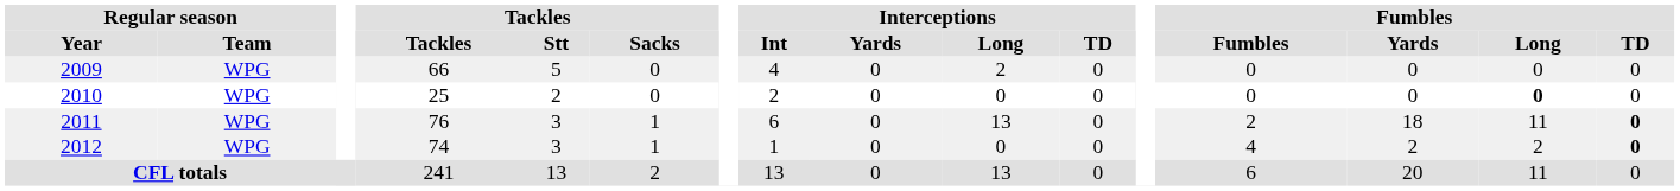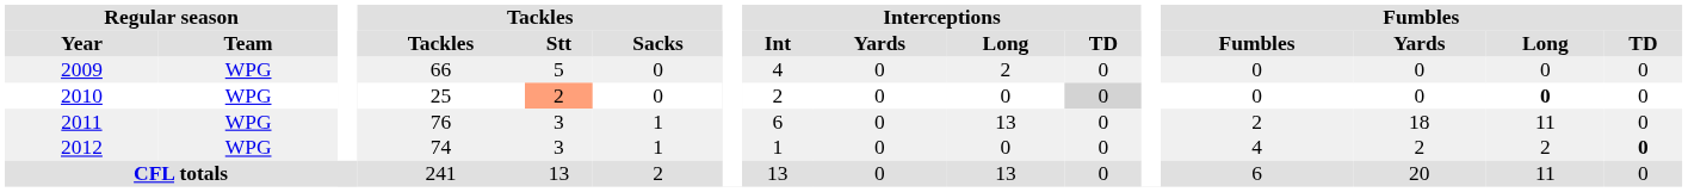 <table BORDER="0" CELLPADDING="1" CELLSPACING="0" width="65%" style="text-align:center">
 <tr bgcolor="#e0e0e0">
 <th colspan="2">Regular season</th>
 <th rowspan="99" bgcolor="#ffffff"> </th>
 <th colspan="3">Tackles</th>
 <th rowspan="99" bgcolor="#ffffff"> </th>
 <th colspan="4">Interceptions</th>
 <th rowspan="99" bgcolor="#ffffff"> </th>
 <th colspan="4">Fumbles</th>
 </tr>
 <tr bgcolor="#e0e0e0">
 <th>Year</th>
 <th>Team</th>
 <th>Tackles</th>
 <th>Stt</th>
 <th>Sacks</th>
 <th>Int</th>
 <th>Yards</th>
 <th>Long</th>
 <th>TD</th>
 <th>Fumbles</th>
 <th>Yards</th>
 <th>Long</th>
 <th>TD</th>
 </tr>
 <tr ALIGN="center" bgcolor="#f0f0f0">
 <td><a href='#'>2009</a></td>
 <td><a href='#'>WPG</a></td>
 <td>66</td>
 <td>5</td>
 <td>0</td>
 <td>4</td>
 <td>0</td>
 <td>2</td>
 <td>0</td>
 <td>0</td>
 <td>0</td>
 <td>0</td>
 <td>0</td>
 </tr>
 <tr ALIGN="center">
 <td><a href='#'>2010</a></td>
 <td><a href='#'>WPG</a></td>
 <td>25</td>
-<td>2</td>
+<td style="background: lightsalmon;">2</td>
 <td>0</td>
 <td>2</td>
 <td>0</td>
 <td>0</td>
-<td>0</td>
+<td style="background: lightgrey;">0</td>
 <td>0</td>
 <td>0</td>
 <td><strong>0</strong></td>
 <td>0</td>
 </tr>
 <tr ALIGN="center" bgcolor="#f0f0f0">
 <td><a href='#'>2011</a></td>
 <td><a href='#'>WPG</a></td>
 <td>76</td>
 <td>3</td>
 <td>1</td>
 <td>6</td>
 <td>0</td>
 <td>13</td>
 <td>0</td>
 <td>2</td>
 <td>18</td>
 <td>11</td>
-<td><strong>0</strong></td>
+<td>0</td>
 </tr>
 <tr ALIGN="center" bgcolor="#f0f0f0">
 <td><a href='#'>2012</a></td>
 <td><a href='#'>WPG</a></td>
 <td>74</td>
 <td>3</td>
 <td>1</td>
 <td>1</td>
 <td>0</td>
 <td>0</td>
 <td>0</td>
 <td>4</td>
 <td>2</td>
 <td>2</td>
 <td><strong>0</strong></td>
 </tr>
 <tr bgcolor="#e0e0e0">
 <th colspan="3"><a href='#'>CFL</a> totals</th>
 <td>241</td>
 <td>13</td>
 <td>2</td>
 <td>13</td>
 <td>0</td>
 <td>13</td>
 <td>0</td>
 <td>6</td>
 <td>20</td>
 <td>11</td>
 <td>0</td>
 </tr>
 </table>
